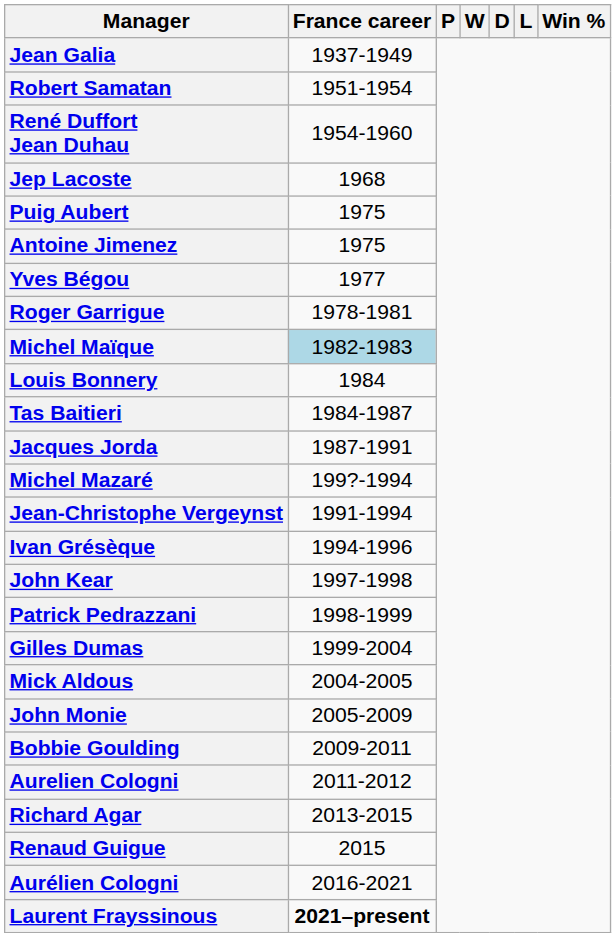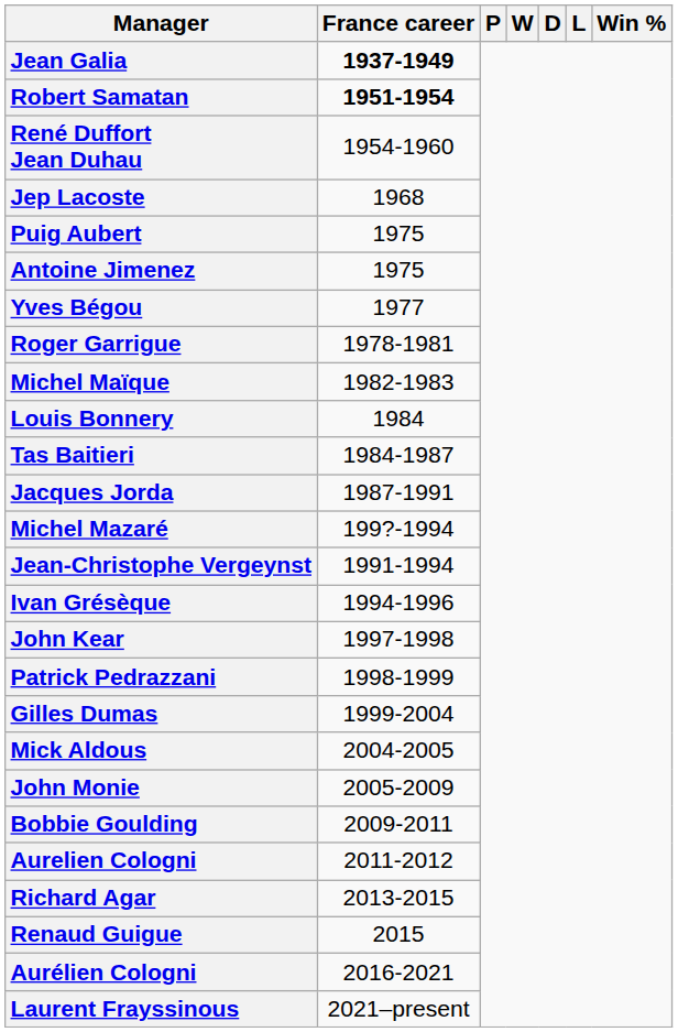 <table class="wikitable sortable plainrowheaders" style="text-align:center;">
 <tr>
 <th scope="col">Manager</th>
 <th scope="col">France career</th>
 <th scope="col">P</th>
 <th scope="col">W</th>
 <th scope="col">D</th>
 <th scope="col">L</th>
 <th scope="col">Win %</th>
 </tr>
 <tr>
 <th scope="row" style="text-align: left;"> <strong> <a href='#'>Jean Galia</a></strong></th>
-<td>1937-1949<br></td>
+<td><strong>1937-1949<br></strong></td>
 </tr>
 <tr>
 <th scope="row" style="text-align: left;"> <strong> <a href='#'>Robert Samatan</a></strong></th>
-<td>1951-1954<br></td>
+<td><strong>1951-1954<br></strong></td>
 </tr>
 <tr>
 <th scope="row" style="text-align: left;"> <strong> <a href='#'>René Duffort</a></strong> <br> <strong><a href='#'>Jean Duhau</a></strong></th>
 <td>1954-1960<br></td>
 </tr>
 <tr>
 <th scope="row" style="text-align: left;"> <strong> <a href='#'>Jep Lacoste</a></strong></th>
 <td>1968<br></td>
 </tr>
 <tr>
 <th scope="row" style="text-align: left;"> <strong> <a href='#'>Puig Aubert</a></strong></th>
 <td>1975<br></td>
 </tr>
 <tr>
 <th scope="row" style="text-align: left;"> <strong> <a href='#'>Antoine Jimenez</a></strong></th>
 <td>1975<br></td>
 </tr>
 <tr>
 <th scope="row" style="text-align: left;"> <strong> <a href='#'>Yves Bégou</a></strong></th>
 <td>1977<br></td>
 </tr>
 <tr>
 <th scope="row" style="text-align: left;"> <strong> <a href='#'>Roger Garrigue</a></strong></th>
 <td>1978-1981<br></td>
 </tr>
 <tr>
 <th scope="row" style="text-align: left;"> <strong> <a href='#'>Michel Maïque</a></strong></th>
-<td style="background: lightblue;">1982-1983<br></td>
+<td>1982-1983<br></td>
 </tr>
 <tr>
 <th scope="row" style="text-align: left;"> <strong> <a href='#'>Louis Bonnery</a></strong></th>
 <td>1984<br></td>
 </tr>
 <tr>
 <th scope="row" style="text-align: left;"> <strong> <a href='#'>Tas Baitieri</a></strong></th>
 <td>1984-1987<br></td>
 </tr>
 <tr>
 <th scope="row" style="text-align: left;"> <strong> <a href='#'>Jacques Jorda</a></strong></th>
 <td>1987-1991<br></td>
 </tr>
 <tr>
 <th scope="row" style="text-align: left;"> <strong> <a href='#'>Michel Mazaré</a></strong></th>
 <td>199?-1994<br></td>
 </tr>
 <tr>
 <th scope="row" style="text-align: left;"> <strong> <a href='#'>Jean-Christophe Vergeynst</a></strong></th>
 <td>1991-1994<br></td>
 </tr>
 <tr>
 <th scope="row" style="text-align: left;"> <strong> <a href='#'>Ivan Grésèque</a></strong></th>
 <td>1994-1996<br></td>
 </tr>
 <tr>
 <th scope="row" style="text-align: left;"> <strong> <a href='#'>John Kear</a></strong></th>
 <td>1997-1998<br></td>
 </tr>
 <tr>
 <th scope="row" style="text-align: left;"> <strong> <a href='#'>Patrick Pedrazzani</a></strong></th>
 <td>1998-1999<br></td>
 </tr>
 <tr>
 <th scope="row" style="text-align: left;"> <strong> <a href='#'>Gilles Dumas</a></strong></th>
 <td>1999-2004<br></td>
 </tr>
 <tr>
 <th scope="row" style="text-align: left;"> <strong> <a href='#'>Mick Aldous</a></strong></th>
 <td>2004-2005<br></td>
 </tr>
 <tr>
 <th scope="row" style="text-align: left;"> <strong> <a href='#'>John Monie</a></strong></th>
 <td>2005-2009<br></td>
 </tr>
 <tr>
 <th scope="row" style="text-align: left;"> <strong> <a href='#'>Bobbie Goulding</a></strong></th>
 <td>2009-2011<br></td>
 </tr>
 <tr>
 <th scope="row" style="text-align: left;"> <strong> <a href='#'>Aurelien Cologni</a></strong></th>
 <td>2011-2012<br></td>
 </tr>
 <tr>
 <th scope="row" style="text-align: left;"> <strong> <a href='#'>Richard Agar</a></strong></th>
 <td>2013-2015<br></td>
 </tr>
 <tr>
 <th scope="row" style="text-align: left;"> <strong> <a href='#'>Renaud Guigue</a></strong></th>
 <td>2015<br></td>
 </tr>
 <tr>
 <th scope="row" style="text-align: left;"> <strong> <a href='#'>Aurélien Cologni</a></strong></th>
 <td>2016-2021<br></td>
 </tr>
 <tr>
 <th scope="row" style="text-align: left;"> <strong> <a href='#'>Laurent Frayssinous</a></strong></th>
-<td><strong>2021–present<br></strong></td>
+<td>2021–present<br></td>
 </tr>
 </table>
